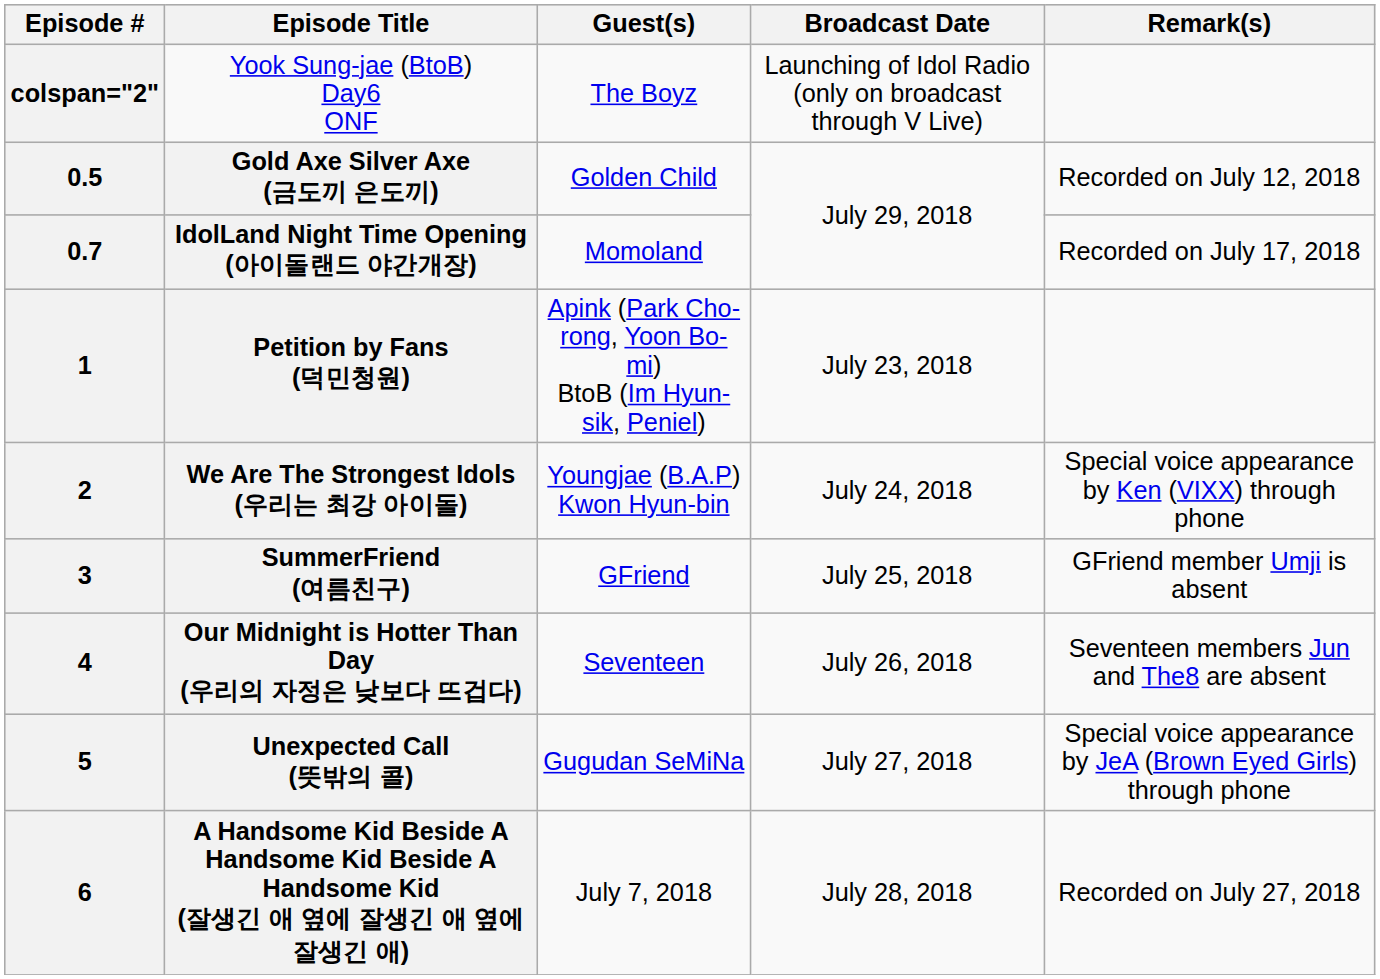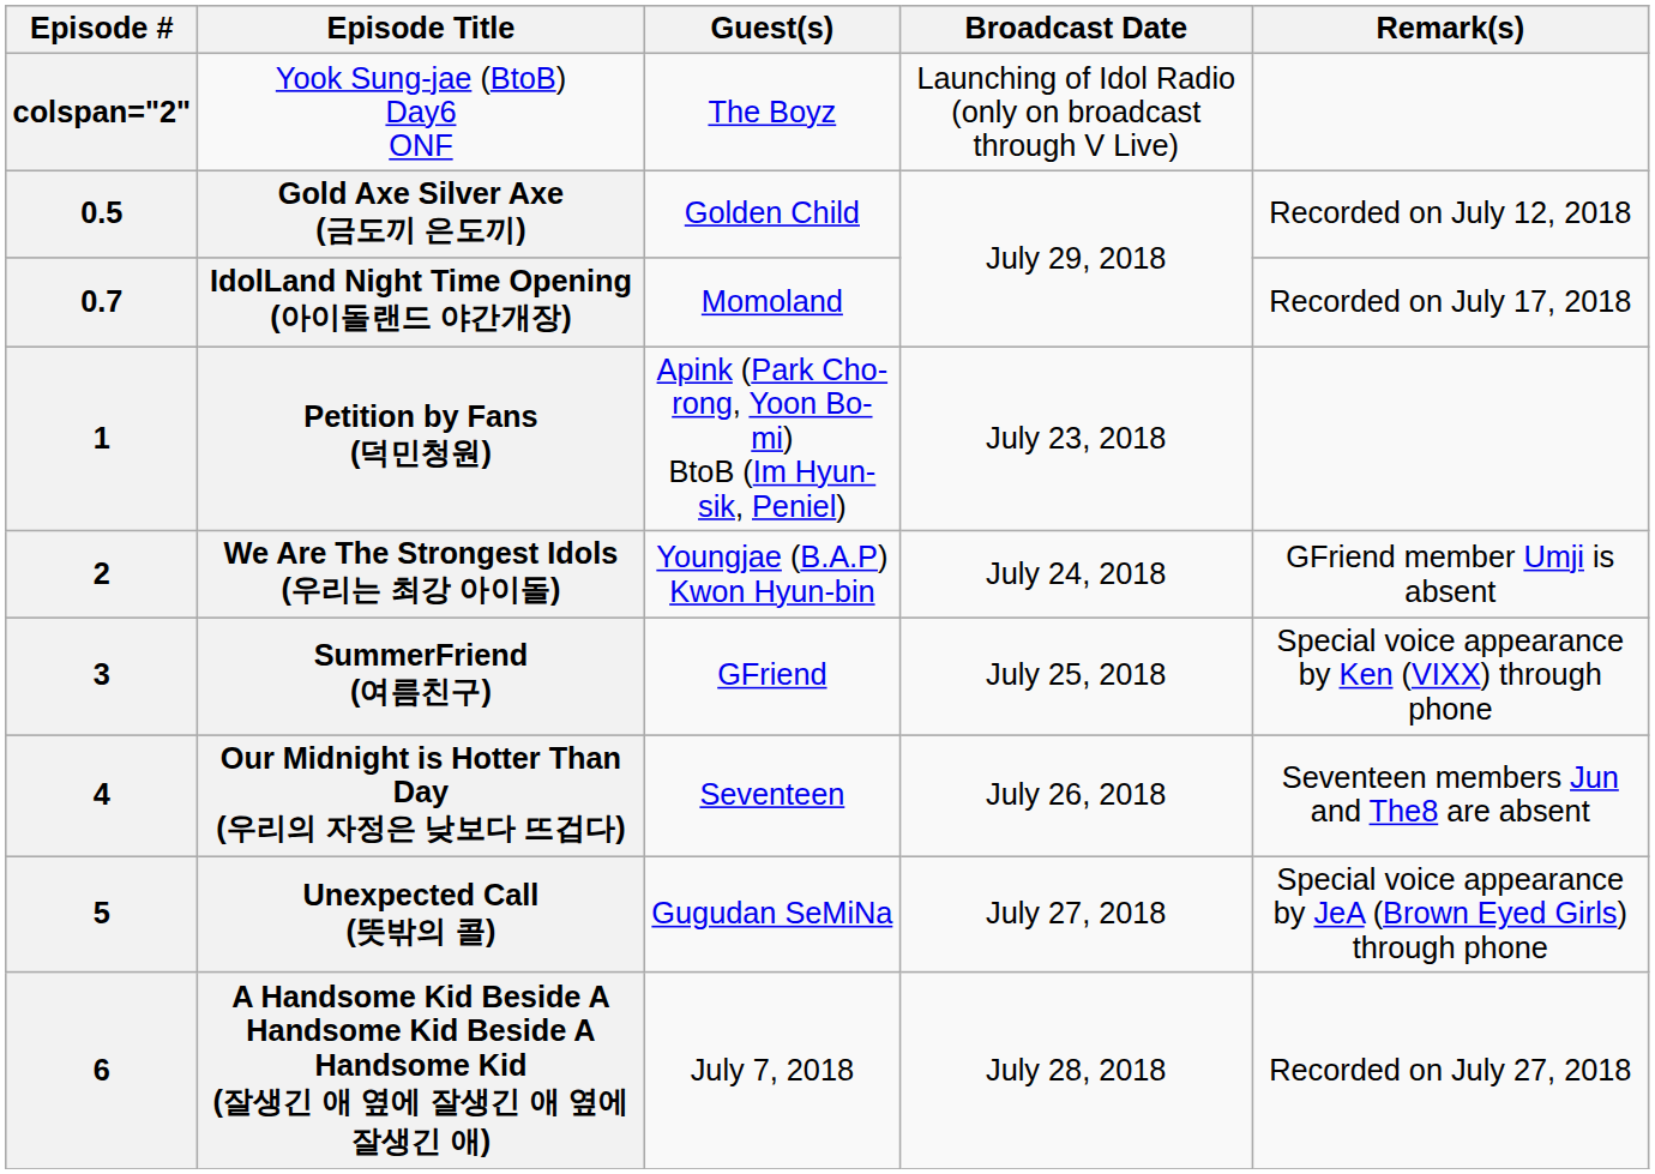 <table class="wikitable" style="text-align:center">
 <tr>
 <th>Episode #</th>
 <th>Episode Title</th>
 <th>Guest(s)</th>
 <th>Broadcast Date</th>
 <th>Remark(s)</th>
 </tr>
 <tr>
 <th>colspan="2" </th>
 <td><a href='#'>Yook Sung-jae</a> (<a href='#'>BtoB</a>)<br><a href='#'>Day6</a><br><a href='#'>ONF</a></td>
 <td><a href='#'>The Boyz</a></td>
 <td>Launching of Idol Radio (only on broadcast through V Live)</td>
 </tr>
 <tr>
 <th>0.5</th>
 <th>Gold Axe Silver Axe<br>(금도끼 은도끼)</th>
 <td><a href='#'>Golden Child</a></td>
 <td rowspan="2">July 29, 2018</td>
 <td>Recorded on July 12, 2018</td>
 </tr>
 <tr>
 <th>0.7</th>
 <th>IdolLand Night Time Opening <br>(아이돌랜드 야간개장)</th>
 <td><a href='#'>Momoland</a></td>
 <td>Recorded on July 17, 2018</td>
 </tr>
 <tr>
 <th>1</th>
 <th>Petition by Fans<br>(덕민청원)</th>
 <td><a href='#'>Apink</a> (<a href='#'>Park Cho-rong</a>, <a href='#'>Yoon Bo-mi</a>)<br>BtoB (<a href='#'>Im Hyun-sik</a>, <a href='#'>Peniel</a>)</td>
 <td>July 23, 2018</td>
 <td></td>
 </tr>
 <tr>
 <th>2</th>
 <th>We Are The Strongest Idols<br>(우리는 최강 아이돌)</th>
 <td><a href='#'>Youngjae</a> (<a href='#'>B.A.P</a>)<br><a href='#'>Kwon Hyun-bin</a></td>
 <td>July 24, 2018</td>
-<td>Special voice appearance by <a href='#'>Ken</a> (<a href='#'>VIXX</a>) through phone</td>
+<td>GFriend member <a href='#'>Umji</a> is absent</td>
 </tr>
 <tr>
 <th>3</th>
 <th>SummerFriend<br>(여름친구)</th>
 <td><a href='#'>GFriend</a></td>
 <td>July 25, 2018</td>
-<td>GFriend member <a href='#'>Umji</a> is absent</td>
+<td>Special voice appearance by <a href='#'>Ken</a> (<a href='#'>VIXX</a>) through phone</td>
 </tr>
 <tr>
 <th>4</th>
 <th>Our Midnight is Hotter Than Day<br>(우리의 자정은 낮보다 뜨겁다)</th>
 <td><a href='#'>Seventeen</a></td>
 <td>July 26, 2018</td>
 <td>Seventeen members <a href='#'>Jun</a> and <a href='#'>The8</a> are absent</td>
 </tr>
 <tr>
 <th>5</th>
 <th>Unexpected Call<br>(뜻밖의 콜)</th>
 <td><a href='#'>Gugudan SeMiNa</a></td>
 <td>July 27, 2018</td>
 <td>Special voice appearance by <a href='#'>JeA</a> (<a href='#'>Brown Eyed Girls</a>) through phone</td>
 </tr>
 <tr>
 <th>6</th>
 <th>A Handsome Kid Beside A Handsome Kid Beside A Handsome Kid<br>(잘생긴 애 옆에 잘생긴 애 옆에 잘생긴 애)</th>
 <td>July 7, 2018</td>
 <td>July 28, 2018</td>
 <td>Recorded on July 27, 2018</td>
 </tr>
 </table>
